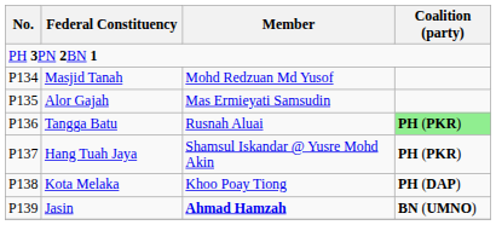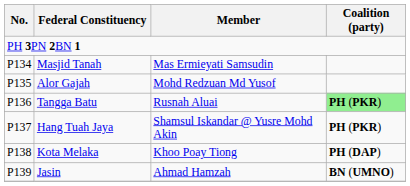 <table class="wikitable sortable">
 <tr>
 <th style="width:30px;">No.</th>
 <th style="width:150px;">Federal Constituency</th>
 <th style="width:230px;">Member</th>
 <th style="width:100px;">Coalition (party)</th>
 </tr>
 <tr>
 <td colspan="4"><a href='#'>PH</a> <strong>3</strong><a href='#'>PN</a> <strong>2</strong><a href='#'>BN</a> <strong>1</strong></td>
 </tr>
 <tr>
 <td>P134</td>
 <td><a href='#'>Masjid Tanah</a></td>
-<td><a href='#'>Mohd Redzuan Md Yusof</a></td>
+<td><a href='#'>Mas Ermieyati Samsudin</a></td>
 <td></td>
 </tr>
 <tr>
 <td>P135</td>
 <td><a href='#'>Alor Gajah</a></td>
-<td><a href='#'>Mas Ermieyati Samsudin</a></td>
+<td><a href='#'>Mohd Redzuan Md Yusof</a></td>
 <td></td>
 </tr>
 <tr>
 <td>P136</td>
 <td><a href='#'>Tangga Batu</a></td>
 <td><a href='#'>Rusnah Aluai</a></td>
 <td style="background: lightgreen;"><strong>PH</strong> (<strong>PKR</strong>)</td>
 </tr>
 <tr>
 <td>P137</td>
 <td><a href='#'>Hang Tuah Jaya</a></td>
 <td><a href='#'>Shamsul Iskandar @ Yusre Mohd Akin</a></td>
 <td><strong>PH</strong> (<strong>PKR</strong>)</td>
 </tr>
 <tr>
 <td>P138</td>
 <td><a href='#'>Kota Melaka</a></td>
 <td><a href='#'>Khoo Poay Tiong</a></td>
 <td><strong>PH</strong> (<strong>DAP</strong>)</td>
 </tr>
 <tr>
 <td>P139</td>
 <td><a href='#'>Jasin</a></td>
-<td><strong><a href='#'>Ahmad Hamzah</a></strong></td>
+<td><a href='#'>Ahmad Hamzah</a></td>
 <td><strong>BN</strong> (<strong>UMNO</strong>)</td>
 </tr>
 <tr>
 </tr>
 </table>
